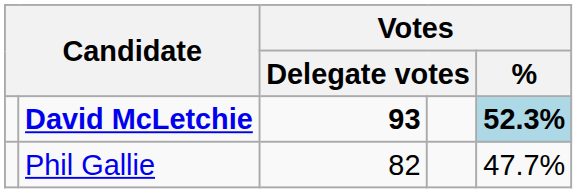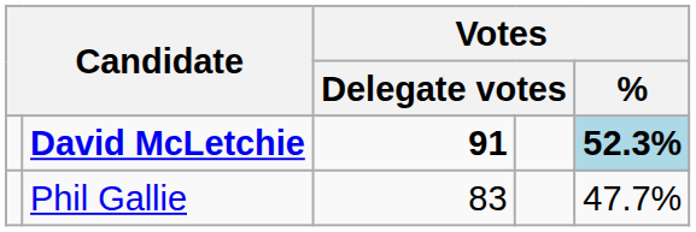 <table class="wikitable" style="font-size: 95%;">
 <tr>
 <th colspan="2" scope="col" rowspan="2" width="125">Candidate</th>
 <th scope="col" colspan="3" width="75">Votes</th>
 </tr>
 <tr>
 <th scope="col" colspan="2">Delegate votes</th>
 <th>%</th>
 </tr>
 <tr align="right">
 <td style="background-color: "></td>
 <td scope="row" align="left"><strong><a href='#'>David McLetchie</a></strong> </td>
-<td><strong>93</strong></td>
+<td><strong>91</strong></td>
 <td align=center></td>
 <td style="background: lightblue;"><strong>52.3%</strong></td>
 </tr>
 <tr align="right">
 <td style="background-color: "></td>
 <td scope="row" align="left"><a href='#'>Phil Gallie</a></td>
-<td>82</td>
+<td>83</td>
 <td align=center></td>
 <td>47.7%</td>
 </tr>
 </table>
